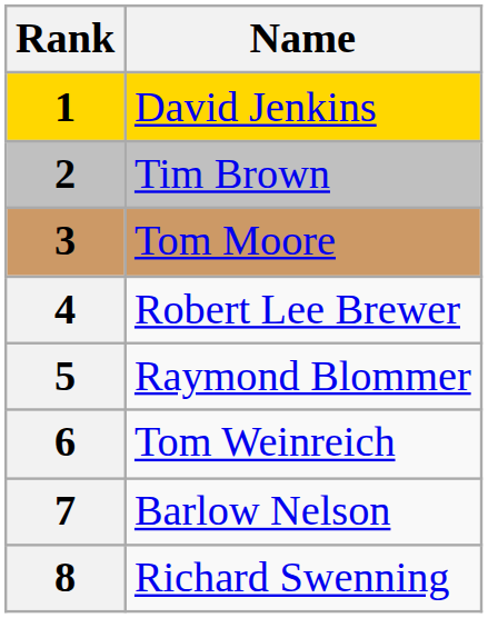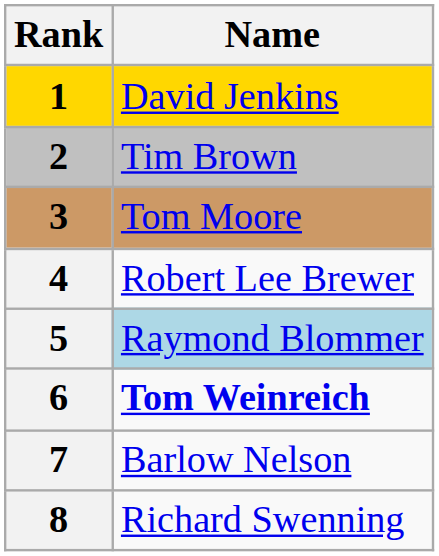 <table class="wikitable">
 <tr>
 <th>Rank</th>
 <th>Name</th>
 </tr>
 <tr bgcolor="gold">
 <td align="center"><strong>1</strong></td>
 <td><a href='#'>David Jenkins</a></td>
 </tr>
 <tr bgcolor="silver">
 <td align="center"><strong>2</strong></td>
 <td><a href='#'>Tim Brown</a></td>
 </tr>
 <tr bgcolor="cc9966">
 <td align="center"><strong>3</strong></td>
 <td><a href='#'>Tom Moore</a></td>
 </tr>
 <tr>
 <th>4</th>
 <td><a href='#'>Robert Lee Brewer</a></td>
 </tr>
 <tr>
 <th>5</th>
-<td><a href='#'>Raymond Blommer</a></td>
+<td style="background: lightblue;"><a href='#'>Raymond Blommer</a></td>
 </tr>
 <tr>
 <th>6</th>
-<td><a href='#'>Tom Weinreich</a></td>
+<td><strong><a href='#'>Tom Weinreich</a></strong></td>
 </tr>
 <tr>
 <th>7</th>
 <td><a href='#'>Barlow Nelson</a></td>
 </tr>
 <tr>
 <th>8</th>
 <td><a href='#'>Richard Swenning</a></td>
 </tr>
 </table>
